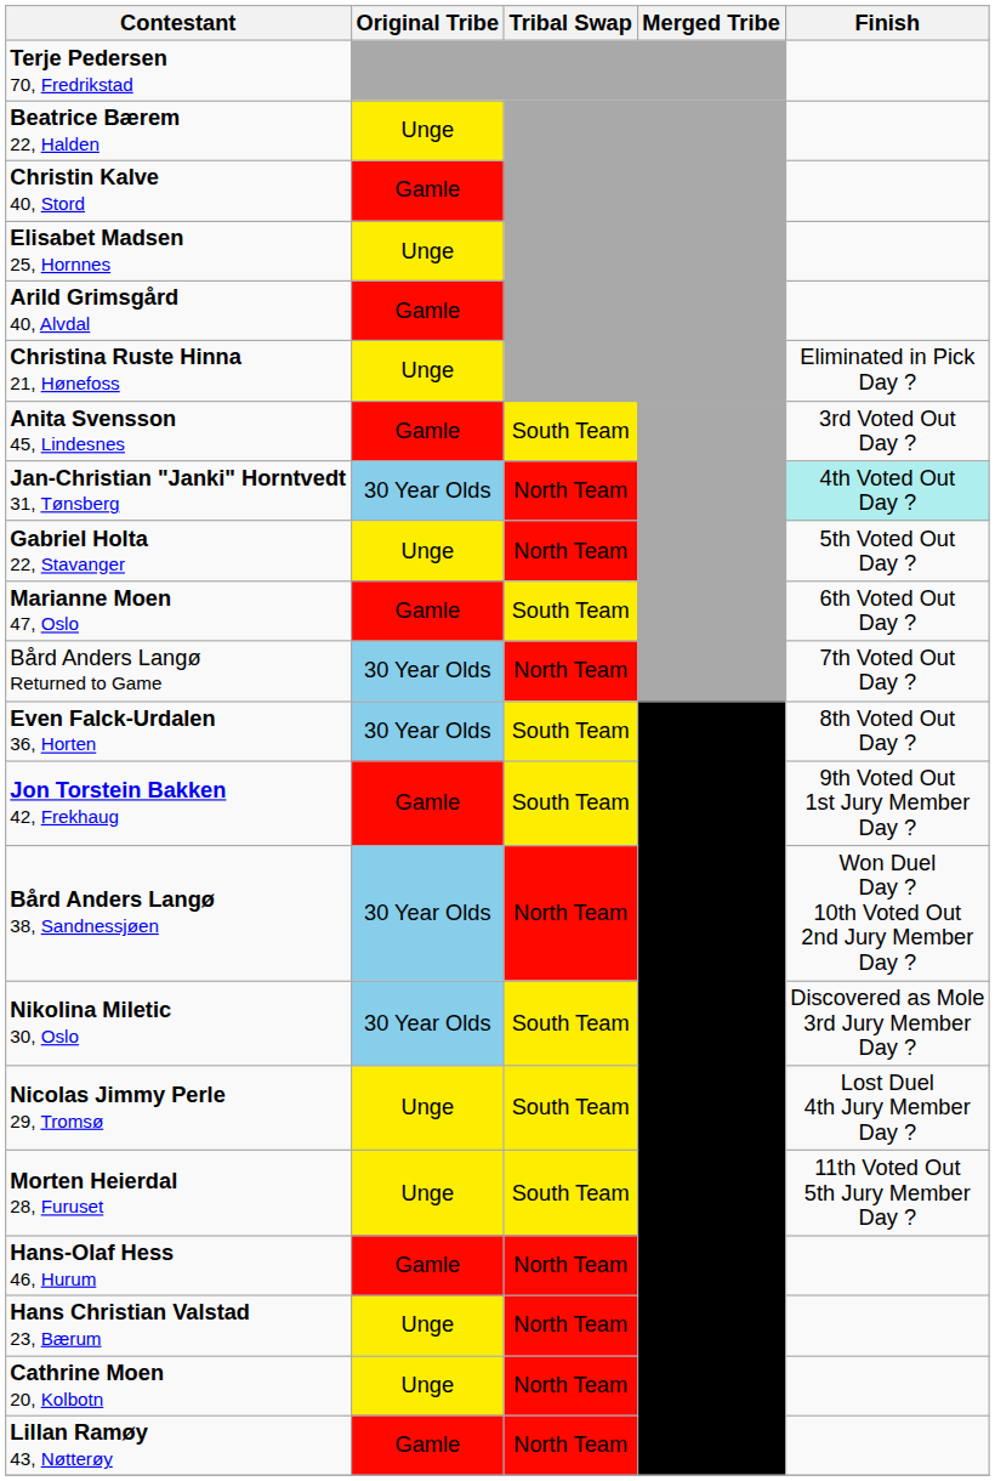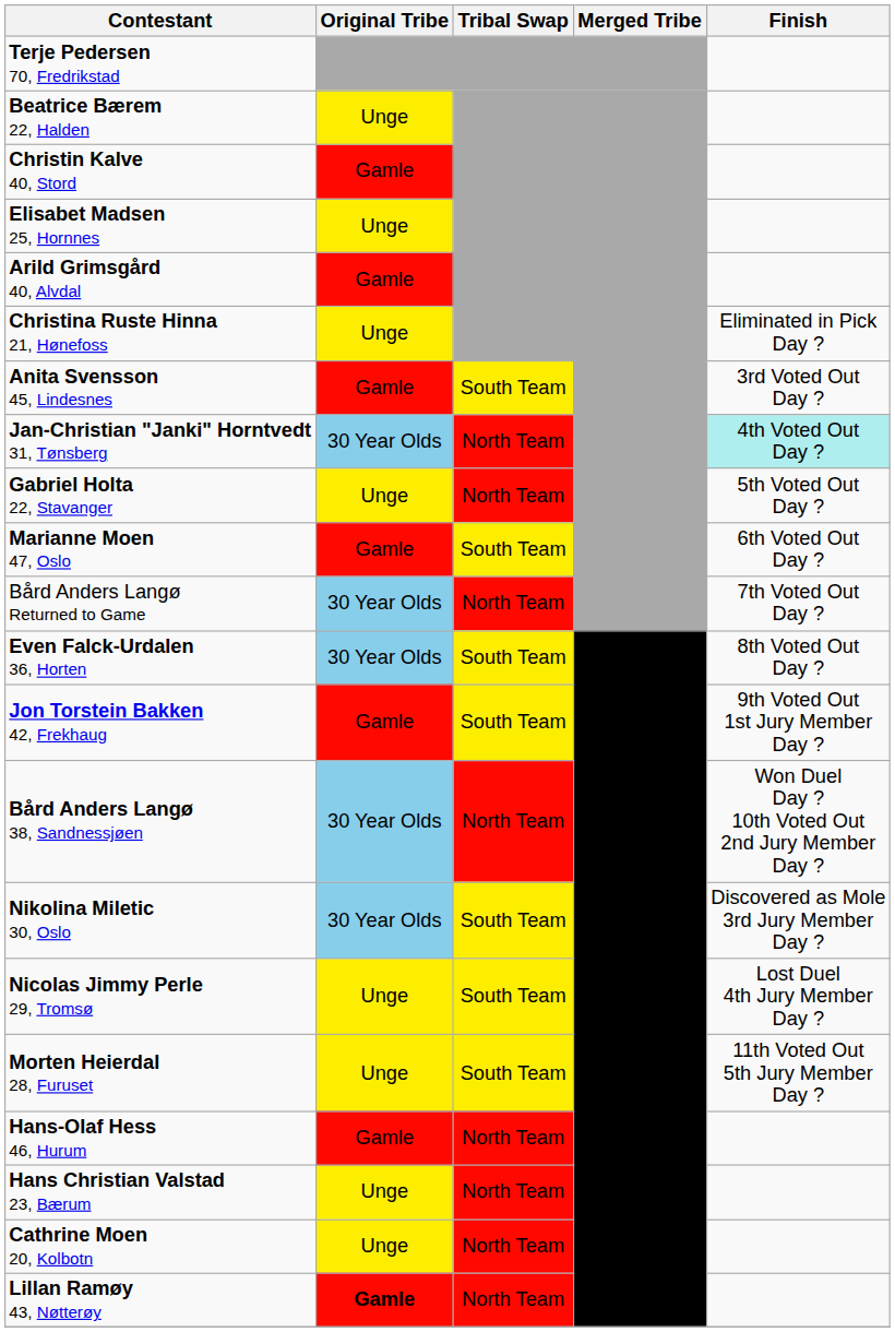 <table class="wikitable sortable" style="margin:auto; text-align:center">
 <tr>
 <th>Contestant</th>
 <th>Original Tribe</th>
 <th>Tribal Swap</th>
 <th>Merged Tribe</th>
 <th>Finish</th>
 </tr>
 <tr>
 <td align="left"><strong>Terje Pedersen</strong><br><small>70, <a href='#'>Fredrikstad</a></small></td>
 <td bgcolor="darkgray" colspan=3></td>
 <td></td>
 </tr>
 <tr>
 <td align="left"><strong>Beatrice Bærem</strong><br><small>22, <a href='#'>Halden</a></small></td>
 <td bgcolor="#FDEE00" align=center>Unge</td>
 <td bgcolor="darkgray" colspan=2 rowspan=5></td>
 <td></td>
 </tr>
 <tr>
 <td align="left"><strong>Christin Kalve</strong><br><small>40, <a href='#'>Stord</a></small></td>
 <td bgcolor="#FF0800" align=center>Gamle</td>
 <td></td>
 </tr>
 <tr>
 <td align="left"><strong>Elisabet Madsen</strong><br><small>25, <a href='#'>Hornnes</a></small></td>
 <td bgcolor="#FDEE00" align=center>Unge</td>
 <td></td>
 </tr>
 <tr>
 <td align="left"><strong>Arild Grimsgård</strong><br><small>40, <a href='#'>Alvdal</a></small></td>
 <td bgcolor="#FF0800" align=center>Gamle</td>
 <td></td>
 </tr>
 <tr>
 <td align="left"><strong>Christina Ruste Hinna</strong><br><small>21, <a href='#'>Hønefoss</a></small></td>
 <td bgcolor="#FDEE00" align=center>Unge</td>
 <td>Eliminated in Pick<br>Day ?</td>
 </tr>
 <tr>
 <td align="left"><strong>Anita Svensson</strong><br><small>45, <a href='#'>Lindesnes</a></small></td>
 <td bgcolor="#FF0800" align=center>Gamle</td>
 <td bgcolor="#FDEE00" align=center>South Team</td>
 <td bgcolor="darkgray" rowspan=5></td>
 <td>3rd Voted Out<br>Day ?</td>
 </tr>
 <tr>
 <td align="left"><strong>Jan-Christian "Janki" Horntvedt</strong><br><small>31, <a href='#'>Tønsberg</a></small></td>
 <td bgcolor="skyblue">30 Year Olds</td>
 <td bgcolor="#FF0800" align=center>North Team</td>
 <td style="background: paleturquoise;">4th Voted Out<br>Day ?</td>
 </tr>
 <tr>
 <td align="left"><strong>Gabriel Holta</strong><br><small>22, <a href='#'>Stavanger</a></small></td>
 <td bgcolor="#FDEE00" align=center>Unge</td>
 <td bgcolor="#FF0800" align=center>North Team</td>
 <td>5th Voted Out<br>Day ?</td>
 </tr>
 <tr>
 <td align="left"><strong>Marianne Moen</strong><br><small>47, <a href='#'>Oslo</a></small></td>
 <td bgcolor="#FF0800" align=center>Gamle</td>
 <td bgcolor="#FDEE00" align=center>South Team</td>
 <td>6th Voted Out<br>Day ?</td>
 </tr>
 <tr>
 <td align="left">Bård Anders Langø<br><small>Returned to Game</small></td>
 <td bgcolor="skyblue" align=center>30 Year Olds</td>
 <td bgcolor="#FF0800" alighn="center">North Team</td>
 <td>7th Voted Out<br>Day ?</td>
 </tr>
 <tr>
 <td align="left"><strong>Even Falck-Urdalen</strong><br><small>36, <a href='#'>Horten</a></small></td>
 <td bgcolor="skyblue">30 Year Olds</td>
 <td bgcolor="#FDEE00" align=center>South Team</td>
 <td rowspan=10 bgcolor="black"><span>Robinson</span></td>
 <td> 8th Voted Out<br>Day ?</td>
 </tr>
 <tr>
 <td align="left"><strong><a href='#'>Jon Torstein Bakken</a></strong><br><small>42, <a href='#'>Frekhaug</a></small></td>
 <td bgcolor="#FF0800" align=center>Gamle</td>
 <td bgcolor="#FDEE00" align=center>South Team</td>
 <td>9th Voted Out<br>1st Jury Member<br>Day ?</td>
 </tr>
 <tr>
 <td align="left"><strong>Bård Anders Langø</strong><br><small>38, <a href='#'>Sandnessjøen</a></small></td>
 <td bgcolor="skyblue" align=center>30 Year Olds</td>
 <td bgcolor="#FF0800" alighn="center">North Team</td>
 <td>Won Duel<br>Day ?<br>10th Voted Out<br>2nd Jury Member<br>Day ?</td>
 </tr>
 <tr>
 <td align="left"><strong>Nikolina Miletic</strong><br><small>30, <a href='#'>Oslo</a></small></td>
 <td bgcolor="skyblue">30 Year Olds</td>
 <td bgcolor="#FDEE00" align=center>South Team</td>
 <td>Discovered as Mole<br>3rd Jury Member<br>Day ?</td>
 </tr>
 <tr>
 <td align="left"><strong>Nicolas Jimmy Perle</strong><br><small>29, <a href='#'>Tromsø</a></small></td>
 <td bgcolor="#FDEE00">Unge</td>
 <td bgcolor="#FDEE00" align=center>South Team</td>
 <td>Lost Duel<br>4th Jury Member<br>Day ?</td>
 </tr>
 <tr>
 <td align="left"><strong>Morten Heierdal</strong><br><small>28, <a href='#'>Furuset</a></small></td>
 <td bgcolor="#FDEE00">Unge</td>
 <td bgcolor="#FDEE00" align=center>South Team</td>
 <td>11th Voted Out<br>5th Jury Member<br>Day ?</td>
 </tr>
 <tr>
 <td align="left"><strong>Hans-Olaf Hess</strong><br><small>46, <a href='#'>Hurum</a></small></td>
 <td bgcolor="#FF0800">Gamle</td>
 <td bgcolor="#FF0800" align=center>North Team</td>
 <td></td>
 </tr>
 <tr>
 <td align="left"><strong>Hans Christian Valstad</strong><br><small>23, <a href='#'>Bærum</a></small></td>
 <td bgcolor="#FDEE00">Unge</td>
 <td bgcolor="#FF0800" align=center>North Team</td>
 <td></td>
 </tr>
 <tr>
 <td align="left"><strong>Cathrine Moen</strong><br><small>20, <a href='#'>Kolbotn</a></small></td>
 <td bgcolor="#FDEE00">Unge</td>
 <td bgcolor="#FF0800" align=center>North Team</td>
 <td></td>
 </tr>
 <tr>
 <td align="left"><strong>Lillan Ramøy</strong><br><small>43, <a href='#'>Nøtterøy</a></small></td>
-<td bgcolor="#FF0800">Gamle</td>
+<td bgcolor="#FF0800"><strong>Gamle</strong></td>
 <td bgcolor="#FF0800" align=center>North Team</td>
 <td></td>
 </tr>
 <tr>
 </tr>
 </table>
